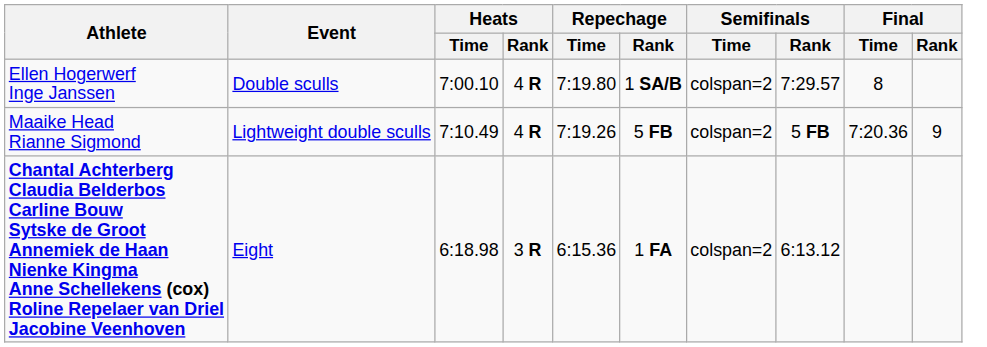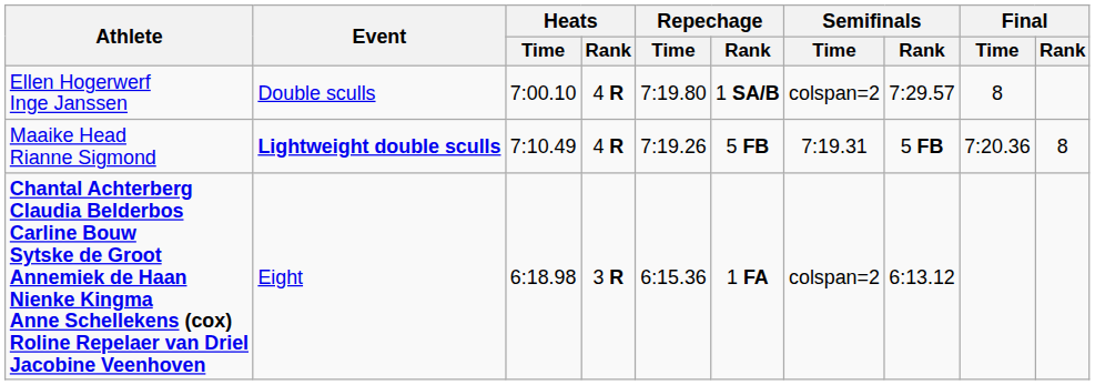 <table class="wikitable" style="font-size:90%">
 <tr>
 <th rowspan="2">Athlete</th>
 <th rowspan="2">Event</th>
 <th colspan="2">Heats</th>
 <th colspan="2">Repechage</th>
 <th colspan="2">Semifinals</th>
 <th colspan="2">Final</th>
 </tr>
 <tr style="font-size:95%">
 <th>Time</th>
 <th>Rank</th>
 <th>Time</th>
 <th>Rank</th>
 <th>Time</th>
 <th>Rank</th>
 <th>Time</th>
 <th>Rank</th>
 </tr>
 <tr align=center>
 <td align=left><a href='#'>Ellen Hogerwerf</a><br><a href='#'>Inge Janssen</a></td>
 <td align=left><a href='#'>Double sculls</a></td>
 <td>7:00.10</td>
 <td>4 <strong>R</strong></td>
 <td>7:19.80</td>
 <td>1 <strong>SA/B</strong></td>
 <td>colspan=2 </td>
 <td>7:29.57</td>
 <td>8</td>
 </tr>
 <tr align=center>
 <td align=left><a href='#'>Maaike Head</a><br><a href='#'>Rianne Sigmond</a></td>
-<td align=left><a href='#'>Lightweight double sculls</a></td>
+<td align=left><strong><a href='#'>Lightweight double sculls</a></strong></td>
 <td>7:10.49</td>
 <td>4 <strong>R</strong></td>
 <td>7:19.26</td>
 <td>5 <strong>FB</strong></td>
-<td>colspan=2 </td>
+<td>7:19.31</td>
 <td>5 <strong>FB</strong></td>
 <td>7:20.36</td>
-<td>9</td>
+<td>8</td>
 </tr>
 <tr align=center>
 <td align=left><strong><a href='#'>Chantal Achterberg</a><br><a href='#'>Claudia Belderbos</a><br><a href='#'>Carline Bouw</a><br><a href='#'>Sytske de Groot</a><br><a href='#'>Annemiek de Haan</a><br><a href='#'>Nienke Kingma</a><br><a href='#'>Anne Schellekens</a> (cox)<br><a href='#'>Roline Repelaer van Driel</a><br><a href='#'>Jacobine Veenhoven</a></strong></td>
 <td align=left><a href='#'>Eight</a></td>
 <td>6:18.98</td>
 <td>3 <strong>R</strong></td>
 <td>6:15.36</td>
 <td>1 <strong>FA</strong></td>
 <td>colspan=2 </td>
 <td>6:13.12</td>
 <td></td>
 </tr>
 </table>
